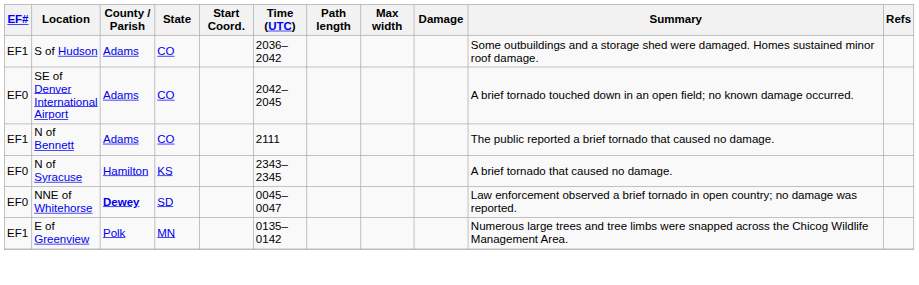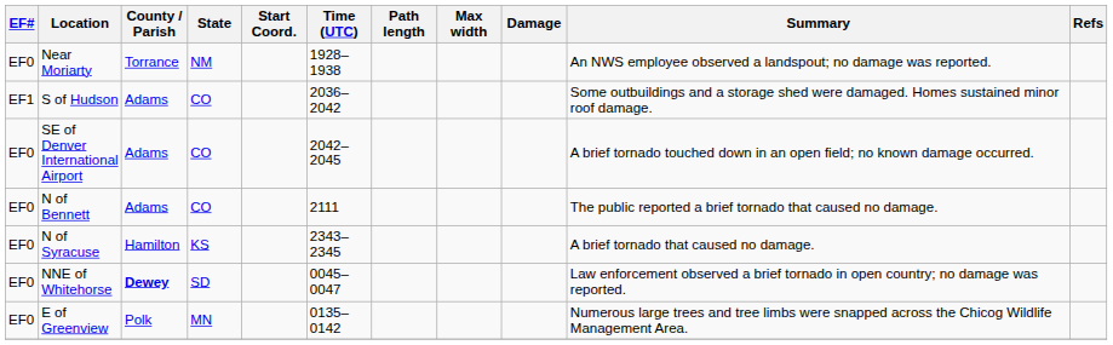 <table class="wikitable sortable" style="width:100%;">
 <tr>
 <th scope="col" width="3%" align="center"><a href='#'>EF#</a></th>
 <th scope="col" width="7%" align="center" class="unsortable">Location</th>
 <th scope="col" width="6%" align="center" class="unsortable">County / Parish</th>
 <th scope="col" width="5%" align="center">State</th>
 <th scope="col" width="6%" align="center">Start Coord.</th>
 <th scope="col" width="6%" align="center">Time (<a href='#'>UTC</a>)</th>
 <th scope="col" width="6%" align="center">Path length</th>
 <th scope="col" width="6%" align="center">Max width</th>
 <th scope="col" width="6%" align="center">Damage</th>
 <th scope="col" width="48%" class="unsortable" align="center">Summary</th>
 <th scope="col" width="48%" class="unsortable" align="center">Refs</th>
+</tr>
+<tr>
+<td>EF0</td>
+<td>Near <a href='#'>Moriarty</a></td>
+<td><a href='#'>Torrance</a></td>
+<td><a href='#'>NM</a></td>
+<td></td>
+<td>1928–1938</td>
+<td></td>
+<td></td>
+<td></td>
+<td>An NWS employee observed a landspout; no damage was reported.</td>
+<td></td>
 </tr>
 <tr>
 <td>EF1</td>
 <td>S of <a href='#'>Hudson</a></td>
 <td><a href='#'>Adams</a></td>
 <td><a href='#'>CO</a></td>
 <td></td>
 <td>2036–2042</td>
 <td></td>
 <td></td>
 <td></td>
 <td>Some outbuildings and a storage shed were damaged. Homes sustained minor roof damage.</td>
 <td></td>
 </tr>
 <tr>
 <td>EF0</td>
 <td>SE of <a href='#'>Denver International Airport</a></td>
 <td><a href='#'>Adams</a></td>
 <td><a href='#'>CO</a></td>
 <td></td>
 <td>2042–2045</td>
 <td></td>
 <td></td>
 <td></td>
 <td>A brief tornado touched down in an open field; no known damage occurred.</td>
 <td></td>
 </tr>
 <tr>
-<td>EF1</td>
+<td>EF0</td>
 <td>N of <a href='#'>Bennett</a></td>
 <td><a href='#'>Adams</a></td>
 <td><a href='#'>CO</a></td>
 <td></td>
 <td>2111</td>
 <td></td>
 <td></td>
 <td></td>
 <td>The public reported a brief tornado that caused no damage.</td>
 <td></td>
 </tr>
 <tr>
 <td>EF0</td>
 <td>N of <a href='#'>Syracuse</a></td>
 <td><a href='#'>Hamilton</a></td>
 <td><a href='#'>KS</a></td>
 <td></td>
 <td>2343–2345</td>
 <td></td>
 <td></td>
 <td></td>
 <td>A brief tornado that caused no damage.</td>
 <td></td>
 </tr>
 <tr>
 <td>EF0</td>
 <td>NNE of <a href='#'>Whitehorse</a></td>
 <td><strong><a href='#'>Dewey</a></strong></td>
 <td><a href='#'>SD</a></td>
 <td></td>
 <td>0045–0047</td>
 <td></td>
 <td></td>
 <td></td>
 <td>Law enforcement observed a brief tornado in open country; no damage was reported.</td>
 <td></td>
 </tr>
 <tr>
-<td>EF1</td>
+<td>EF0</td>
 <td>E of <a href='#'>Greenview</a></td>
 <td><a href='#'>Polk</a></td>
 <td><a href='#'>MN</a></td>
 <td></td>
 <td>0135–0142</td>
 <td></td>
 <td></td>
 <td></td>
 <td>Numerous large trees and tree limbs were snapped across the Chicog Wildlife Management Area.</td>
 <td></td>
 </tr>
 <tr>
 </tr>
 </table>
